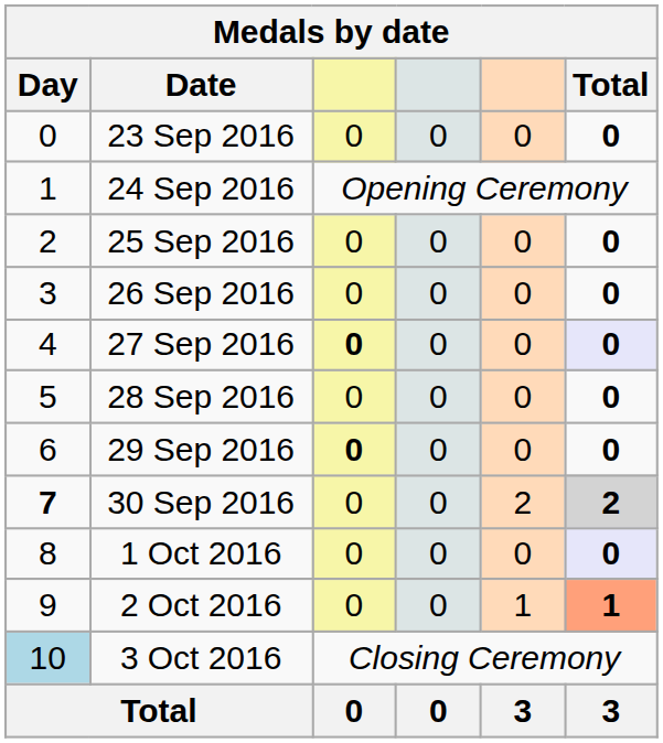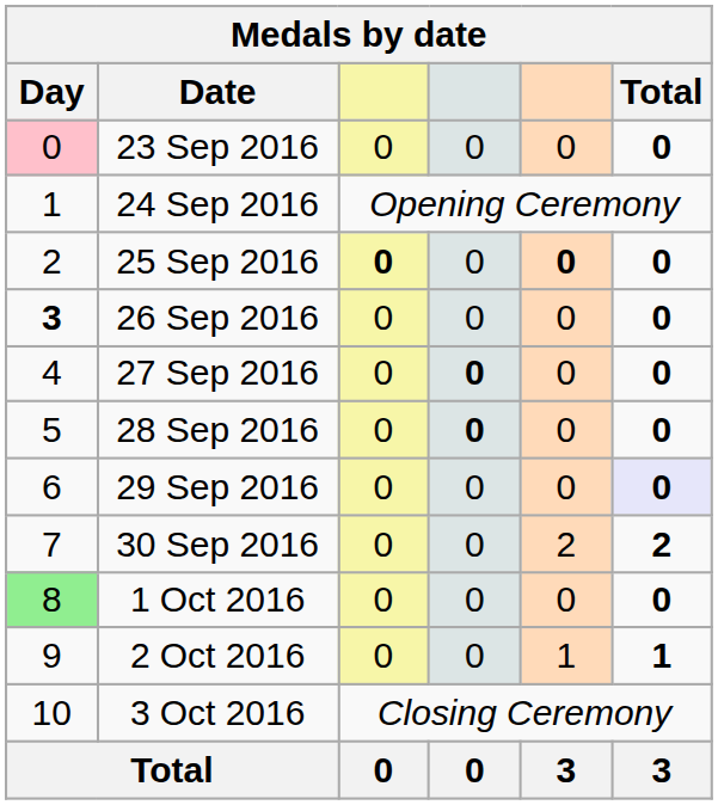 <table class="wikitable" style="font-size:90%; text-align:center;">
 <tr style="background:#efefef;">
 <th colspan=6><strong>Medals by date</strong></th>
 </tr>
 <tr>
 <th width=30><strong>Day</strong></th>
 <th width=90><strong>Date</strong></th>
 <th width=30 style="background:#F7F6A8;"></th>
 <th width=30 style="background:#DCE5E5;"></th>
 <th width=30 style="background:#FFDAB9;"></th>
 <th width=30><strong>Total</strong></th>
 </tr>
 <tr>
-<td>0</td>
+<td style="background: pink;">0</td>
 <td>23 Sep 2016</td>
 <td style="background:#F7F6A8;">0</td>
 <td style="background:#DCE5E5;">0</td>
 <td style="background:#FFDAB9;">0</td>
 <td><strong>0</strong></td>
 </tr>
 <tr>
 <td>1</td>
 <td>24 Sep 2016</td>
 <td colspan=4><em>Opening Ceremony</em></td>
 </tr>
 <tr>
 <td>2</td>
 <td>25 Sep 2016</td>
-<td style="background:#F7F6A8;">0</td>
+<td style="background:#F7F6A8;"><strong>0</strong></td>
 <td style="background:#DCE5E5;">0</td>
-<td style="background:#FFDAB9;">0</td>
+<td style="background:#FFDAB9;"><strong>0</strong></td>
 <td><strong>0</strong></td>
 </tr>
 <tr>
-<td>3</td>
+<td><strong>3</strong></td>
 <td>26 Sep 2016</td>
 <td style="background:#F7F6A8;">0</td>
 <td style="background:#DCE5E5;">0</td>
 <td style="background:#FFDAB9;">0</td>
 <td><strong>0</strong></td>
 </tr>
 <tr>
 <td>4</td>
 <td>27 Sep 2016</td>
-<td style="background:#F7F6A8;"><strong>0</strong></td>
-<td style="background:#DCE5E5;">0</td>
+<td style="background:#F7F6A8;">0</td>
+<td style="background:#DCE5E5;"><strong>0</strong></td>
 <td style="background:#FFDAB9;">0</td>
-<td style="background: lavender;"><strong>0</strong></td>
+<td><strong>0</strong></td>
 </tr>
 <tr>
 <td>5</td>
 <td>28 Sep 2016</td>
 <td style="background:#F7F6A8;">0</td>
-<td style="background:#DCE5E5;">0</td>
+<td style="background:#DCE5E5;"><strong>0</strong></td>
 <td style="background:#FFDAB9;">0</td>
 <td><strong>0</strong></td>
 </tr>
 <tr>
 <td>6</td>
 <td>29 Sep 2016</td>
-<td style="background:#F7F6A8;"><strong>0</strong></td>
+<td style="background:#F7F6A8;">0</td>
 <td style="background:#DCE5E5;">0</td>
 <td style="background:#FFDAB9;">0</td>
-<td><strong>0</strong></td>
+<td style="background: lavender;"><strong>0</strong></td>
 </tr>
 <tr>
-<td><strong>7</strong></td>
+<td>7</td>
 <td>30 Sep 2016</td>
 <td style="background:#F7F6A8;">0</td>
 <td style="background:#DCE5E5;">0</td>
 <td style="background:#FFDAB9;">2</td>
-<td style="background: lightgrey;"><strong>2</strong></td>
+<td><strong>2</strong></td>
 </tr>
 <tr>
-<td>8</td>
+<td style="background: lightgreen;">8</td>
 <td>1 Oct 2016</td>
 <td style="background:#F7F6A8;">0</td>
 <td style="background:#DCE5E5;">0</td>
 <td style="background:#FFDAB9;">0</td>
-<td style="background: lavender;"><strong>0</strong></td>
+<td><strong>0</strong></td>
 </tr>
 <tr>
 <td>9</td>
 <td>2 Oct 2016</td>
 <td style="background:#F7F6A8;">0</td>
 <td style="background:#DCE5E5;">0</td>
 <td style="background:#FFDAB9;">1</td>
-<td style="background: lightsalmon;"><strong>1</strong></td>
+<td><strong>1</strong></td>
 </tr>
 <tr>
-<td style="background: lightblue;">10</td>
+<td>10</td>
 <td>3 Oct 2016</td>
 <td colspan=4><em>Closing Ceremony</em></td>
 </tr>
 <tr>
 <th colspan="2"><strong>Total</strong></th>
 <th><strong>0</strong></th>
 <th><strong>0</strong></th>
 <th><strong>3</strong></th>
 <th><strong>3</strong></th>
 </tr>
 </table>
